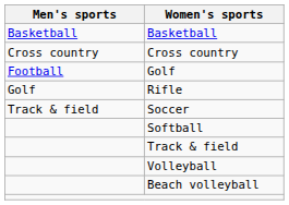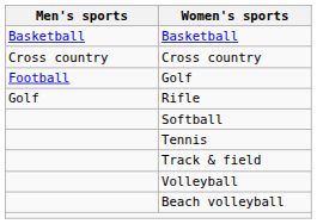 <table class="wikitable" style=" ">
 <tr>
 <th width=150px>Men's sports</th>
 <th width=150px>Women's sports</th>
 </tr>
 <tr>
 <td><a href='#'>Basketball</a></td>
 <td><a href='#'>Basketball</a></td>
 </tr>
 <tr>
 <td>Cross country</td>
 <td>Cross country</td>
 </tr>
 <tr>
 <td><a href='#'>Football</a></td>
 <td>Golf</td>
 </tr>
 <tr>
 <td>Golf</td>
 <td>Rifle</td>
 </tr>
 <tr>
-<td>Track & field</td>
-<td>Soccer</td>
+<td></td>
+<td>Softball</td>
 </tr>
 <tr>
 <td></td>
-<td>Softball</td>
+<td>Tennis</td>
 </tr>
 <tr>
 <td></td>
 <td>Track & field</td>
 </tr>
 <tr>
 <td></td>
 <td>Volleyball</td>
 </tr>
 <tr>
 <td></td>
 <td>Beach volleyball</td>
 </tr>
 <tr>
 <td colspan="2"></td>
 </tr>
 </table>
